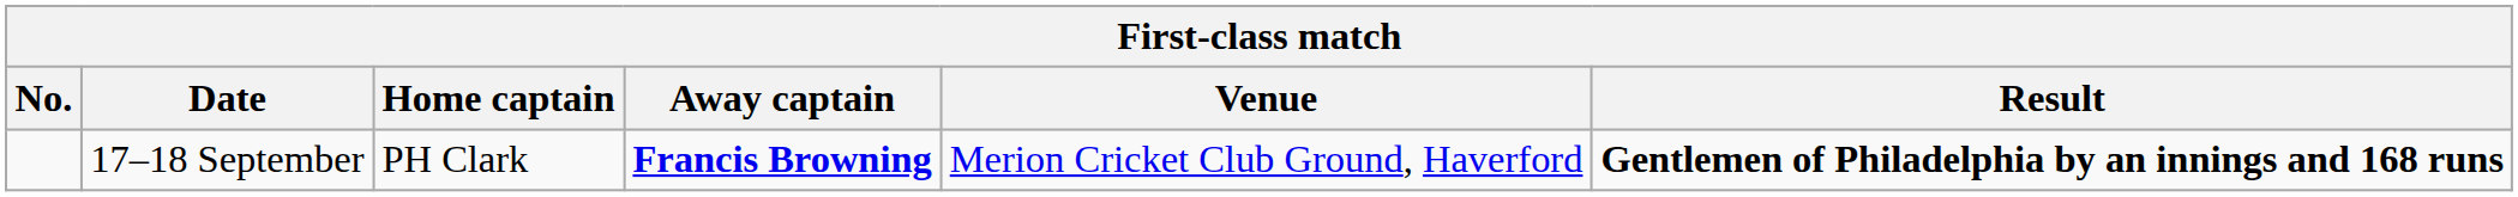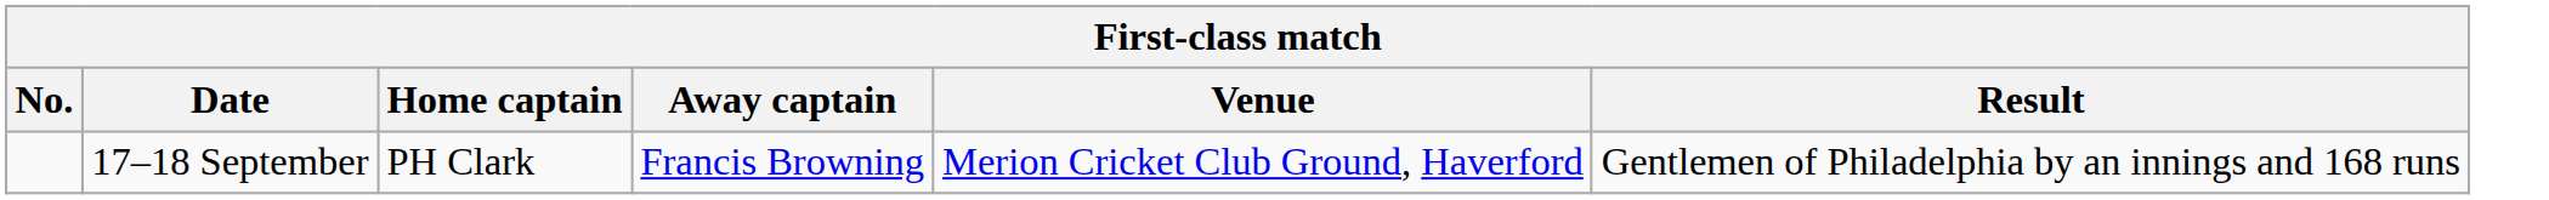 <table class="wikitable">
 <tr>
 <th colspan="9">First-class match</th>
 </tr>
 <tr>
 <th>No.</th>
 <th>Date</th>
 <th>Home captain</th>
 <th>Away captain</th>
 <th>Venue</th>
 <th>Result</th>
 </tr>
 <tr>
 <td></td>
 <td>17–18 September</td>
 <td>PH Clark</td>
-<td><strong><a href='#'>Francis Browning</a></strong></td>
+<td><a href='#'>Francis Browning</a></td>
 <td><a href='#'>Merion Cricket Club Ground</a>, <a href='#'>Haverford</a></td>
-<td><strong> Gentlemen of Philadelphia by an innings and 168 runs</strong></td>
+<td> Gentlemen of Philadelphia by an innings and 168 runs</td>
 </tr>
 </table>
